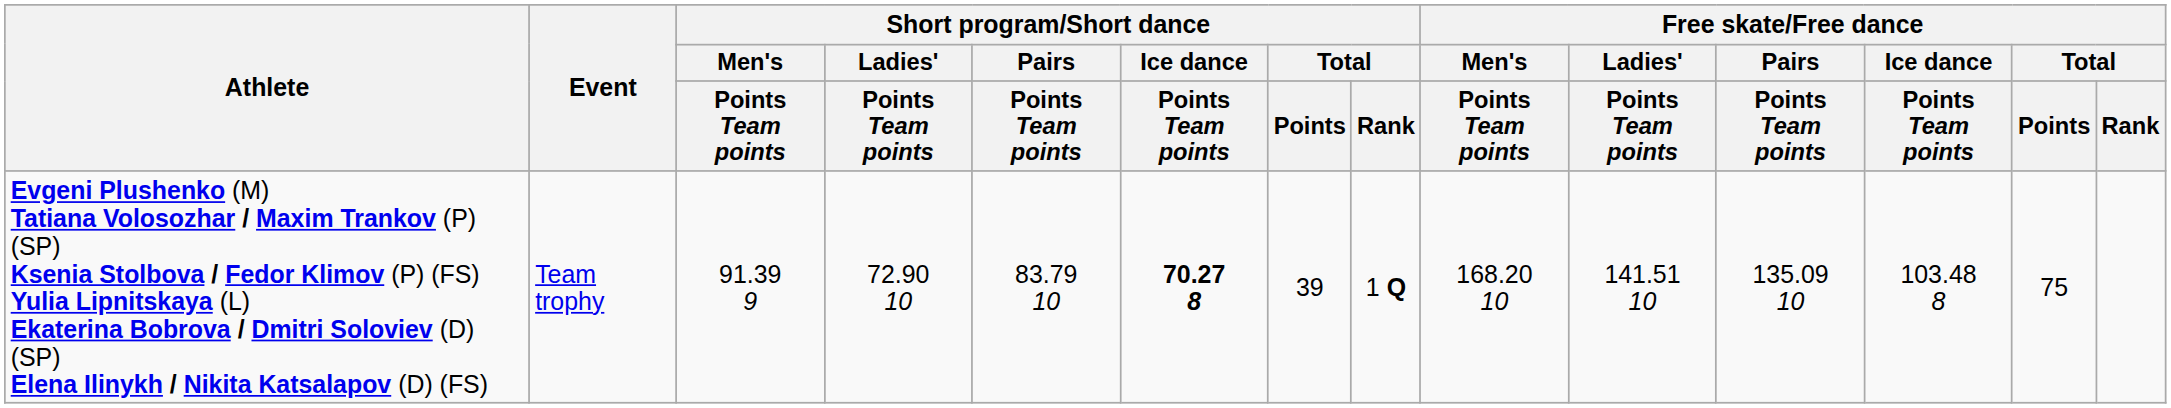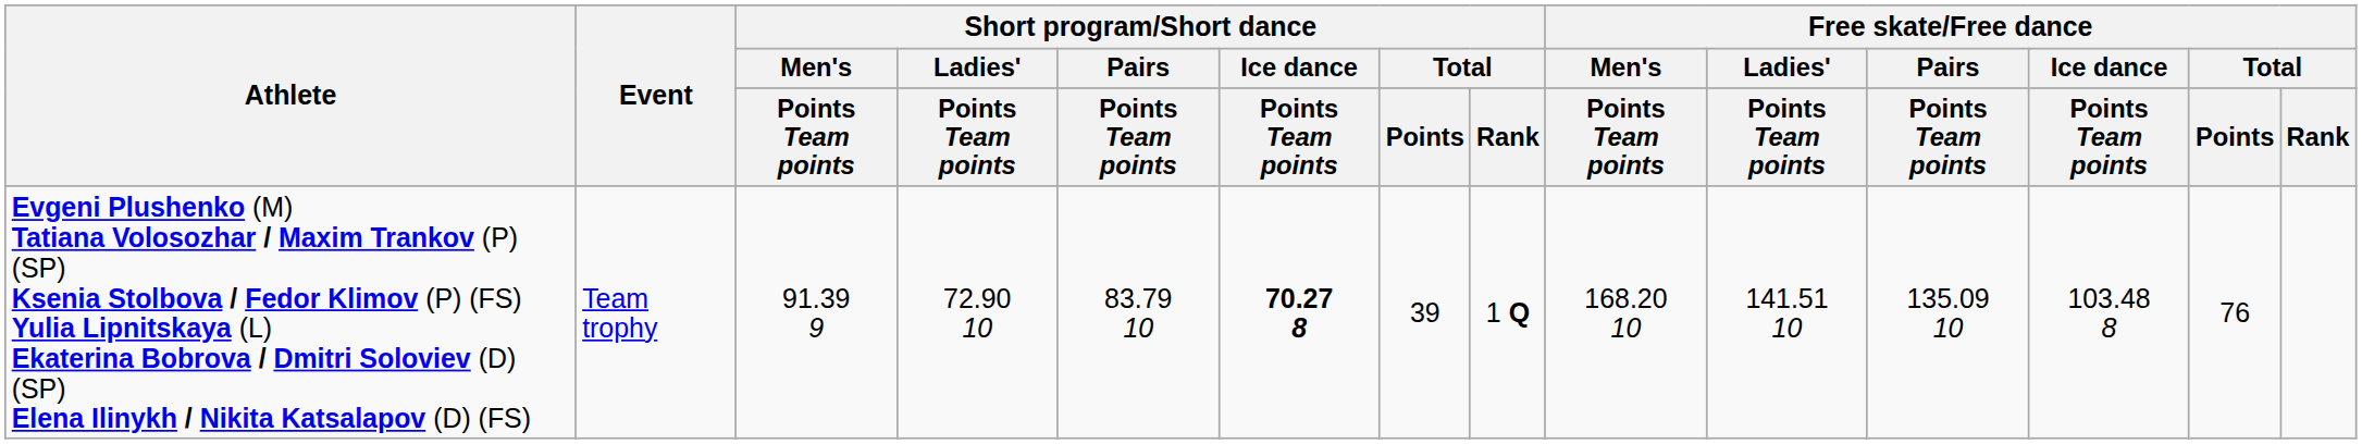 <table class="wikitable" style="font-size:90%">
 <tr>
 <th rowspan=3>Athlete</th>
 <th rowspan=3>Event</th>
 <th colspan=6>Short program/Short dance</th>
 <th colspan=6>Free skate/Free dance</th>
 </tr>
 <tr style="font-size:95%">
 <th>Men's</th>
 <th>Ladies'</th>
 <th>Pairs</th>
 <th>Ice dance</th>
 <th colspan=2>Total</th>
 <th>Men's</th>
 <th>Ladies'</th>
 <th>Pairs</th>
 <th>Ice dance</th>
 <th colspan=2>Total</th>
 </tr>
 <tr style="font-size:95%">
 <th>Points<br><em>Team points</em></th>
 <th>Points<br><em>Team points</em></th>
 <th>Points<br><em>Team points</em></th>
 <th>Points<br><em>Team points</em></th>
 <th>Points</th>
 <th>Rank</th>
 <th>Points<br><em>Team points</em></th>
 <th>Points<br><em>Team points</em></th>
 <th>Points<br><em>Team points</em></th>
 <th>Points<br><em>Team points</em></th>
 <th>Points</th>
 <th>Rank</th>
 </tr>
 <tr align=center>
 <td align=left><strong><a href='#'>Evgeni Plushenko</a></strong> (M)<br><strong><a href='#'>Tatiana Volosozhar</a> / <a href='#'>Maxim Trankov</a></strong> (P) (SP)<br> <strong><a href='#'>Ksenia Stolbova</a> / <a href='#'>Fedor Klimov</a></strong> (P) (FS)<br><strong><a href='#'>Yulia Lipnitskaya</a></strong> (L)<br><strong><a href='#'>Ekaterina Bobrova</a> / <a href='#'>Dmitri Soloviev</a></strong> (D) (SP)<br><strong><a href='#'>Elena Ilinykh</a> / <a href='#'>Nikita Katsalapov</a></strong> (D) (FS)</td>
 <td align=left><a href='#'>Team trophy</a></td>
 <td>91.39<br><em>9</em></td>
 <td>72.90<br><em>10</em></td>
 <td>83.79<br><em>10</em></td>
 <td><strong>70.27<br><em>8</em></strong></td>
 <td>39</td>
 <td>1 <strong>Q</strong></td>
 <td>168.20<br><em>10</em></td>
 <td>141.51<br><em>10</em></td>
 <td>135.09<br><em>10</em></td>
 <td>103.48<br><em>8</em></td>
-<td>75</td>
+<td>76</td>
 <td></td>
 </tr>
 </table>
